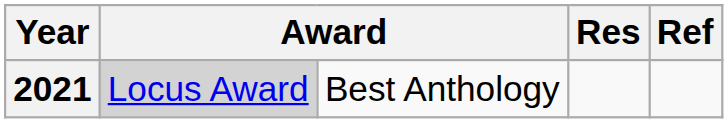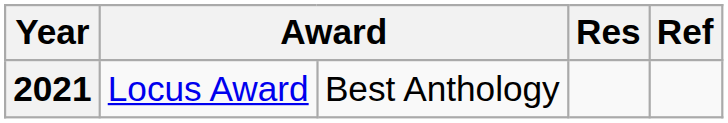 <table class="wikitable">
 <tr>
 <th>Year</th>
 <th colspan="2">Award</th>
 <th>Res</th>
 <th>Ref</th>
 </tr>
 <tr>
 <th>2021</th>
-<td style="background: lightgrey;"><a href='#'>Locus Award</a></td>
+<td><a href='#'>Locus Award</a></td>
 <td>Best Anthology</td>
 <td></td>
 <td></td>
 </tr>
 </table>
